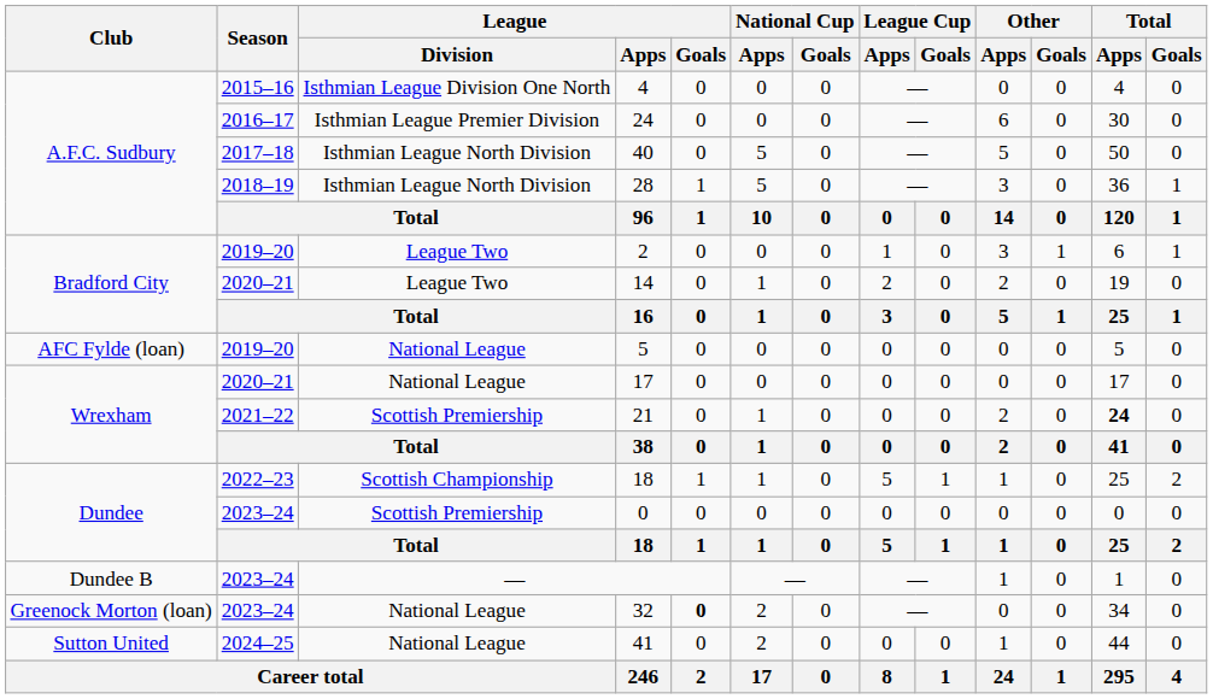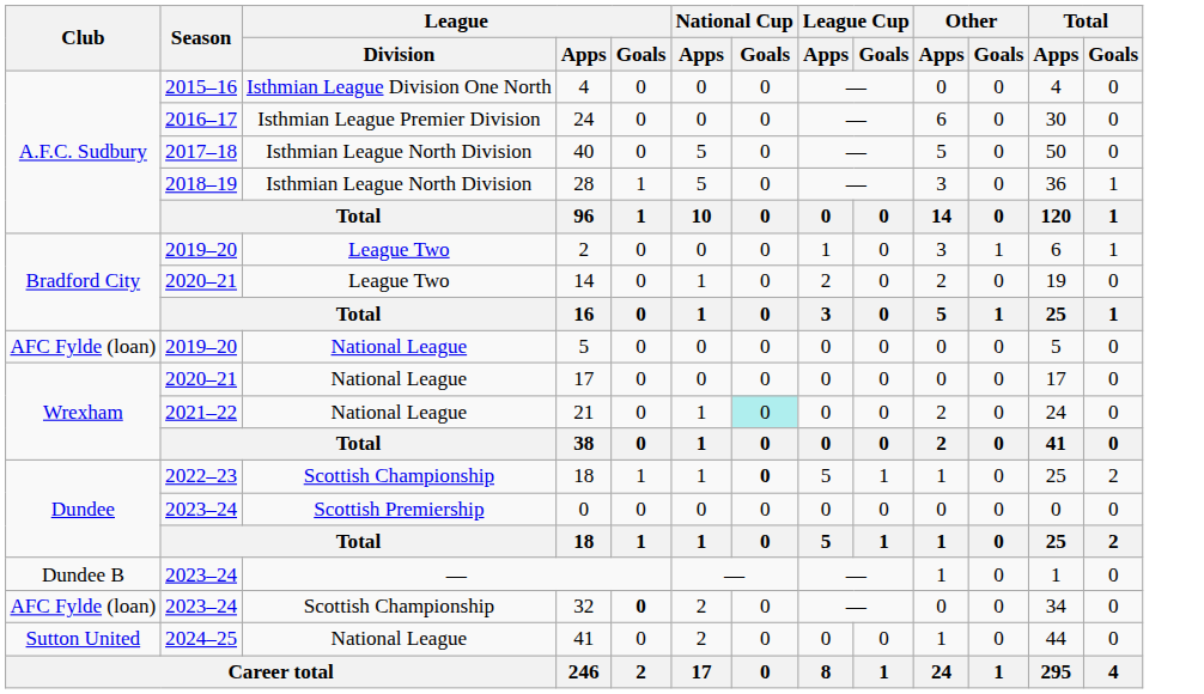 <table class=wikitable style="text-align: center">
 <tr>
 <th rowspan=2>Club</th>
 <th rowspan=2>Season</th>
 <th colspan=3>League</th>
 <th colspan=2>National Cup</th>
 <th colspan=2>League Cup</th>
 <th colspan=2>Other</th>
 <th colspan=2>Total</th>
 </tr>
 <tr>
 <th>Division</th>
 <th>Apps</th>
 <th>Goals</th>
 <th>Apps</th>
 <th>Goals</th>
 <th>Apps</th>
 <th>Goals</th>
 <th>Apps</th>
 <th>Goals</th>
 <th>Apps</th>
 <th>Goals</th>
 </tr>
 <tr>
 <td rowspan=5><a href='#'>A.F.C. Sudbury</a></td>
 <td><a href='#'>2015–16</a></td>
 <td><a href='#'>Isthmian League</a> Division One North</td>
 <td>4</td>
 <td>0</td>
 <td>0</td>
 <td>0</td>
 <td colspan=2>—</td>
 <td>0</td>
 <td>0</td>
 <td>4</td>
 <td>0</td>
 </tr>
 <tr>
 <td><a href='#'>2016–17</a></td>
 <td>Isthmian League Premier Division</td>
 <td>24</td>
 <td>0</td>
 <td>0</td>
 <td>0</td>
 <td colspan=2>—</td>
 <td>6</td>
 <td>0</td>
 <td>30</td>
 <td>0</td>
 </tr>
 <tr>
 <td><a href='#'>2017–18</a></td>
 <td>Isthmian League North Division</td>
 <td>40</td>
 <td>0</td>
 <td>5</td>
 <td>0</td>
 <td colspan=2>—</td>
 <td>5</td>
 <td>0</td>
 <td>50</td>
 <td>0</td>
 </tr>
 <tr>
 <td><a href='#'>2018–19</a></td>
 <td>Isthmian League North Division</td>
 <td>28</td>
 <td>1</td>
 <td>5</td>
 <td>0</td>
 <td colspan=2>—</td>
 <td>3</td>
 <td>0</td>
 <td>36</td>
 <td>1</td>
 </tr>
 <tr>
 <th colspan=2>Total</th>
 <th>96</th>
 <th>1</th>
 <th>10</th>
 <th>0</th>
 <th>0</th>
 <th>0</th>
 <th>14</th>
 <th>0</th>
 <th>120</th>
 <th>1</th>
 </tr>
 <tr>
 <td rowspan=3><a href='#'>Bradford City</a></td>
 <td><a href='#'>2019–20</a></td>
 <td><a href='#'>League Two</a></td>
 <td>2</td>
 <td>0</td>
 <td>0</td>
 <td>0</td>
 <td>1</td>
 <td>0</td>
 <td>3</td>
 <td>1</td>
 <td>6</td>
 <td>1</td>
 </tr>
 <tr>
 <td><a href='#'>2020–21</a></td>
 <td>League Two</td>
 <td>14</td>
 <td>0</td>
 <td>1</td>
 <td>0</td>
 <td>2</td>
 <td>0</td>
 <td>2</td>
 <td>0</td>
 <td>19</td>
 <td>0</td>
 </tr>
 <tr>
 <th colspan=2>Total</th>
 <th>16</th>
 <th>0</th>
 <th>1</th>
 <th>0</th>
 <th>3</th>
 <th>0</th>
 <th>5</th>
 <th>1</th>
 <th>25</th>
 <th>1</th>
 </tr>
 <tr>
 <td><a href='#'>AFC Fylde</a> (loan)</td>
 <td><a href='#'>2019–20</a></td>
 <td><a href='#'>National League</a></td>
 <td>5</td>
 <td>0</td>
 <td>0</td>
 <td>0</td>
 <td>0</td>
 <td>0</td>
 <td>0</td>
 <td>0</td>
 <td>5</td>
 <td>0</td>
 </tr>
 <tr>
 <td rowspan=3><a href='#'>Wrexham</a></td>
 <td><a href='#'>2020–21</a></td>
 <td>National League</td>
 <td>17</td>
 <td>0</td>
 <td>0</td>
 <td>0</td>
 <td>0</td>
 <td>0</td>
 <td>0</td>
 <td>0</td>
 <td>17</td>
 <td>0</td>
 </tr>
 <tr>
 <td><a href='#'>2021–22</a></td>
-<td><a href='#'>Scottish Premiership</a></td>
+<td>National League</td>
 <td>21</td>
 <td>0</td>
 <td>1</td>
-<td>0</td>
+<td style="background: paleturquoise;">0</td>
 <td>0</td>
 <td>0</td>
 <td>2</td>
 <td>0</td>
-<td><strong>24</strong></td>
+<td>24</td>
 <td>0</td>
 </tr>
 <tr>
 <th colspan=2>Total</th>
 <th>38</th>
 <th>0</th>
 <th>1</th>
 <th>0</th>
 <th>0</th>
 <th>0</th>
 <th>2</th>
 <th>0</th>
 <th>41</th>
 <th>0</th>
 </tr>
 <tr>
 <td rowspan="3"><a href='#'>Dundee</a></td>
 <td><a href='#'>2022–23</a></td>
 <td><a href='#'>Scottish Championship</a></td>
 <td>18</td>
 <td>1</td>
 <td>1</td>
-<td>0</td>
+<td><strong>0</strong></td>
 <td>5</td>
 <td>1</td>
 <td>1</td>
 <td>0</td>
 <td>25</td>
 <td>2</td>
 </tr>
 <tr>
 <td><a href='#'>2023–24</a></td>
 <td><a href='#'>Scottish Premiership</a></td>
 <td>0</td>
 <td>0</td>
 <td>0</td>
 <td>0</td>
 <td>0</td>
 <td>0</td>
 <td>0</td>
 <td>0</td>
 <td>0</td>
 <td>0</td>
 </tr>
 <tr>
 <th colspan=2>Total</th>
 <th>18</th>
 <th>1</th>
 <th>1</th>
 <th>0</th>
 <th>5</th>
 <th>1</th>
 <th>1</th>
 <th>0</th>
 <th>25</th>
 <th>2</th>
 </tr>
 <tr>
 <td>Dundee B</td>
 <td><a href='#'>2023–24</a></td>
 <td colspan="3">—</td>
 <td colspan="2">—</td>
 <td colspan="2">—</td>
 <td>1</td>
 <td>0</td>
 <td>1</td>
 <td>0</td>
 </tr>
 <tr>
-<td><a href='#'>Greenock Morton</a> (loan)</td>
+<td><a href='#'>AFC Fylde</a> (loan)</td>
 <td><a href='#'>2023–24</a></td>
-<td>National League</td>
+<td>Scottish Championship</td>
 <td>32</td>
 <td><strong>0</strong></td>
 <td>2</td>
 <td>0</td>
 <td colspan="2">—</td>
 <td>0</td>
 <td>0</td>
 <td>34</td>
 <td>0</td>
 </tr>
 <tr>
 <td><a href='#'>Sutton United</a></td>
 <td><a href='#'>2024–25</a></td>
 <td>National League</td>
 <td>41</td>
 <td>0</td>
 <td>2</td>
 <td>0</td>
 <td>0</td>
 <td>0</td>
 <td>1</td>
 <td>0</td>
 <td>44</td>
 <td>0</td>
 </tr>
 <tr>
 <th colspan="3">Career total</th>
 <th>246</th>
 <th>2</th>
 <th>17</th>
 <th>0</th>
 <th>8</th>
 <th>1</th>
 <th>24</th>
 <th>1</th>
 <th>295</th>
 <th>4</th>
 </tr>
 </table>
